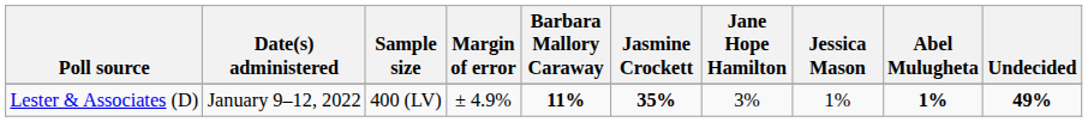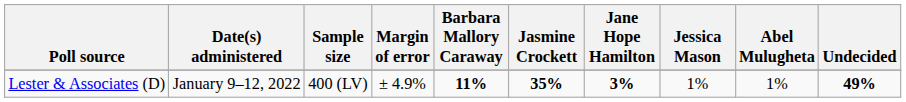 <table class="wikitable" style="font-size:90%;text-align:center;">
 <tr style="vertical-align:bottom">
 <th>Poll source</th>
 <th>Date(s)<br>administered</th>
 <th>Sample<br>size</th>
 <th>Margin<br>of error</th>
 <th style="width:60px;">Barbara<br>Mallory<br>Caraway</th>
 <th style="width:60px;">Jasmine<br>Crockett</th>
 <th style="width:60px;">Jane<br>Hope<br>Hamilton</th>
 <th style="width:60px;">Jessica<br>Mason</th>
 <th style="width:60px;">Abel<br>Mulugheta</th>
 <th>Undecided</th>
 </tr>
 <tr>
 </tr>
 <tr>
 <td style="text-align:left;"><a href='#'>Lester & Associates</a> (D)</td>
 <td>January 9–12, 2022</td>
 <td>400 (LV)</td>
 <td>± 4.9%</td>
 <td><strong>11%</strong></td>
 <td><strong>35%</strong></td>
-<td>3%</td>
+<td><strong>3%</strong></td>
 <td>1%</td>
-<td><strong>1%</strong></td>
+<td>1%</td>
 <td><strong>49%</strong></td>
 </tr>
 </table>
